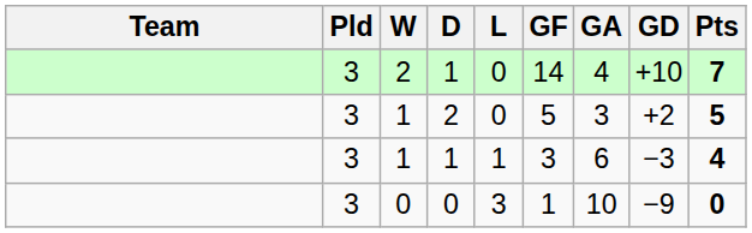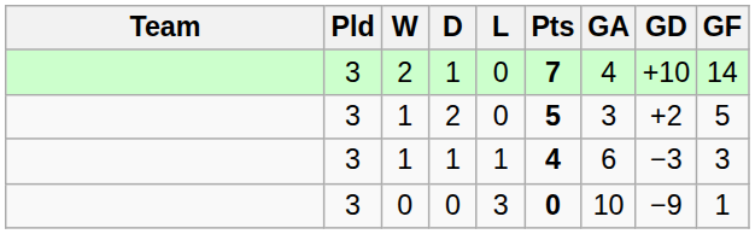 <table class="wikitable" style="text-align: center;">
 <tr>
 <th width=175>Team</th>
 <th width=20>Pld</th>
 <th width=20>W</th>
 <th width=20>D</th>
 <th width=20>L</th>
-<th width=20>GF</th>
+<th width=20>Pts</th>
 <th width=20>GA</th>
 <th width=20>GD</th>
-<th width=20>Pts</th>
+<th width=20>GF</th>
 </tr>
 <tr bgcolor=ccffcc>
 <td style="text-align:left;"></td>
 <td>3</td>
 <td>2</td>
 <td>1</td>
 <td>0</td>
-<td>14</td>
+<td><strong>7</strong></td>
 <td>4</td>
 <td>+10</td>
-<td><strong>7</strong></td>
+<td>14</td>
 </tr>
 <tr>
 <td style="text-align:left;"></td>
 <td>3</td>
 <td>1</td>
 <td>2</td>
 <td>0</td>
-<td>5</td>
+<td><strong>5</strong></td>
 <td>3</td>
 <td>+2</td>
-<td><strong>5</strong></td>
+<td>5</td>
 </tr>
 <tr>
 <td style="text-align:left;"></td>
 <td>3</td>
 <td>1</td>
 <td>1</td>
 <td>1</td>
-<td>3</td>
+<td><strong>4</strong></td>
 <td>6</td>
 <td>−3</td>
-<td><strong>4</strong></td>
+<td>3</td>
 </tr>
 <tr>
 <td style="text-align:left;"></td>
 <td>3</td>
 <td>0</td>
 <td>0</td>
 <td>3</td>
-<td>1</td>
+<td><strong>0</strong></td>
 <td>10</td>
 <td>−9</td>
-<td><strong>0</strong></td>
+<td>1</td>
 </tr>
 </table>
